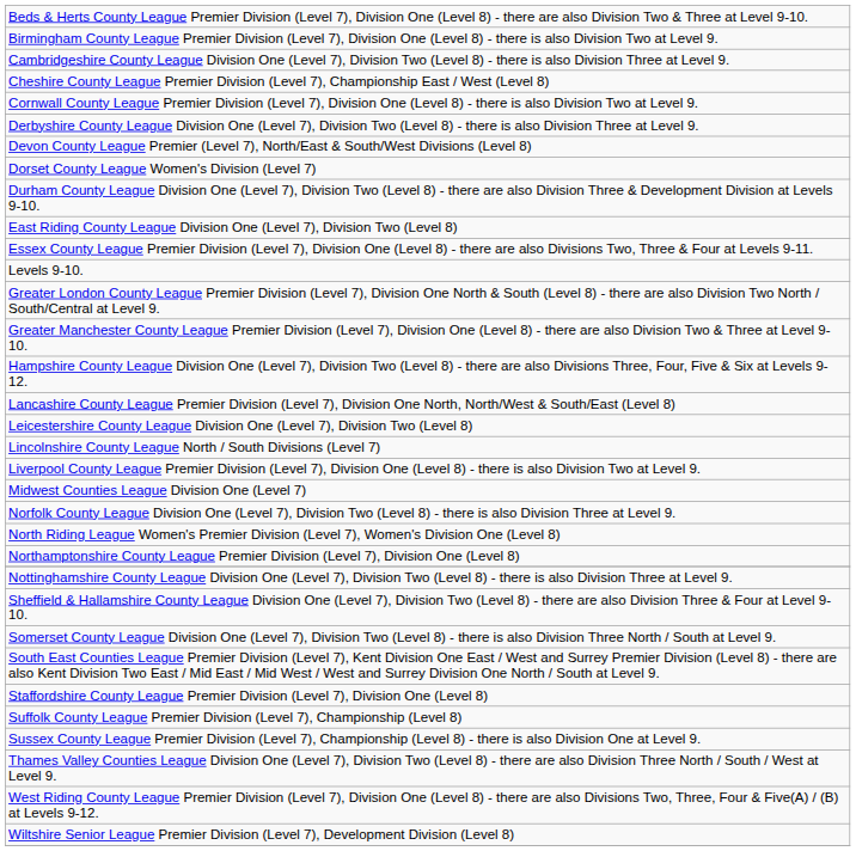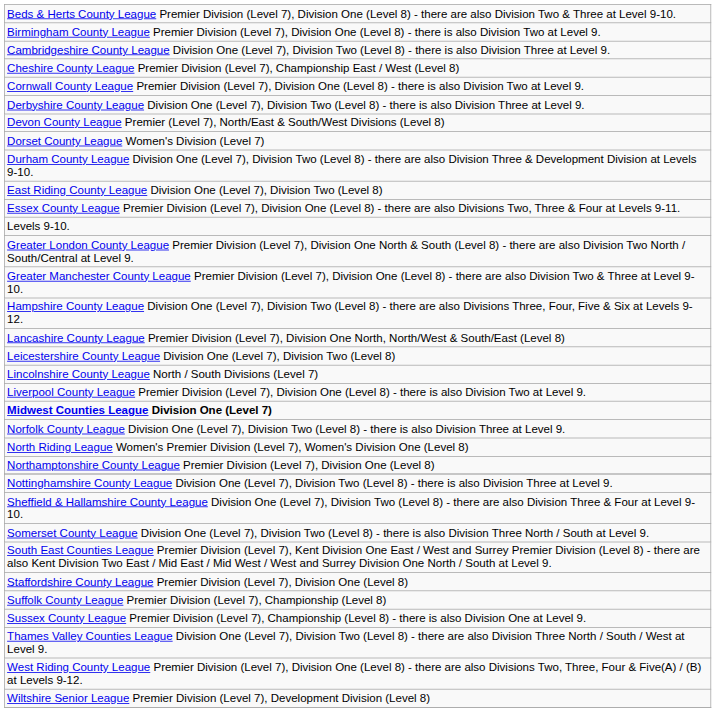 <table class="wikitable" width=100% style="font-size:90%">
 <tr>
 <td><a href='#'>Beds & Herts County League</a> Premier Division (Level 7), Division One (Level 8) - there are also Division Two & Three at Level 9-10.</td>
 </tr>
 <tr>
 <td><a href='#'>Birmingham County League</a> Premier Division (Level 7), Division One (Level 8) - there is also Division Two at Level 9.</td>
 </tr>
 <tr>
 <td><a href='#'>Cambridgeshire County League</a> Division One (Level 7), Division Two (Level 8) - there is also Division Three at Level 9.</td>
 </tr>
 <tr>
 <td><a href='#'>Cheshire County League</a> Premier Division (Level 7), Championship East / West (Level 8)</td>
 </tr>
 <tr>
 <td><a href='#'>Cornwall County League</a> Premier Division (Level 7), Division One (Level 8) - there is also Division Two at Level 9.</td>
 </tr>
 <tr>
 <td><a href='#'>Derbyshire County League</a> Division One (Level 7), Division Two (Level 8) - there is also Division Three at Level 9.</td>
 </tr>
 <tr>
 <td><a href='#'>Devon County League</a> Premier (Level 7), North/East & South/West Divisions (Level 8)</td>
 </tr>
 <tr>
 <td><a href='#'>Dorset County League</a> Women's Division (Level 7)</td>
 </tr>
 <tr>
 <td><a href='#'>Durham County League</a> Division One (Level 7), Division Two (Level 8) - there are also Division Three & Development Division at Levels 9-10.</td>
 </tr>
 <tr>
 <td><a href='#'>East Riding County League</a> Division One (Level 7), Division Two (Level 8)</td>
 </tr>
 <tr>
 <td><a href='#'>Essex County League</a> Premier Division (Level 7), Division One (Level 8) - there are also Divisions Two, Three & Four at Levels 9-11.</td>
 </tr>
 <tr>
 <td>Levels 9-10.</td>
 </tr>
 <tr>
 <td><a href='#'>Greater London County League</a> Premier Division (Level 7), Division One North & South (Level 8) - there are also Division Two North / South/Central at Level 9.</td>
 </tr>
 <tr>
 <td><a href='#'>Greater Manchester County League</a> Premier Division (Level 7), Division One (Level 8) - there are also Division Two & Three at Level 9-10.</td>
 </tr>
 <tr>
 <td><a href='#'>Hampshire County League</a> Division One (Level 7), Division Two (Level 8) - there are also Divisions Three, Four, Five & Six at Levels 9-12.</td>
 </tr>
 <tr>
 <td><a href='#'>Lancashire County League</a> Premier Division (Level 7), Division One North, North/West & South/East (Level 8)</td>
 </tr>
 <tr>
 <td><a href='#'>Leicestershire County League</a> Division One (Level 7), Division Two (Level 8)</td>
 </tr>
 <tr>
 <td><a href='#'>Lincolnshire County League</a> North / South Divisions (Level 7)</td>
 </tr>
 <tr>
 <td><a href='#'>Liverpool County League</a> Premier Division (Level 7), Division One (Level 8) - there is also Division Two at Level 9.</td>
 </tr>
 <tr>
-<td><a href='#'>Midwest Counties League</a> Division One (Level 7)</td>
+<td><strong><a href='#'>Midwest Counties League</a> Division One (Level 7)</strong></td>
 </tr>
 <tr>
 <td><a href='#'>Norfolk County League</a> Division One (Level 7), Division Two (Level 8) - there is also Division Three at Level 9.</td>
 </tr>
 <tr>
 <td><a href='#'>North Riding League</a> Women's Premier Division (Level 7), Women's Division One (Level 8)</td>
 </tr>
 <tr>
 <td><a href='#'>Northamptonshire County League</a> Premier Division (Level 7), Division One (Level 8)</td>
 </tr>
 <tr>
 </tr>
 <tr>
 </tr>
 <tr>
 <td><a href='#'>Nottinghamshire County League</a> Division One (Level 7), Division Two (Level 8) - there is also Division Three at Level 9.</td>
 </tr>
 <tr>
 <td><a href='#'>Sheffield & Hallamshire County League</a> Division One (Level 7), Division Two (Level 8) - there are also Division Three & Four at Level 9-10.</td>
 </tr>
 <tr>
 <td><a href='#'>Somerset County League</a> Division One (Level 7), Division Two (Level 8) - there is also Division Three North / South at Level 9.</td>
 </tr>
 <tr>
 <td><a href='#'>South East Counties League</a> Premier Division (Level 7), Kent Division One East / West and Surrey Premier Division (Level 8) - there are also Kent Division Two East / Mid East / Mid West / West and Surrey Division One North / South at Level 9.</td>
 </tr>
 <tr>
 <td><a href='#'>Staffordshire County League</a> Premier Division (Level 7), Division One (Level 8)</td>
 </tr>
 <tr>
 <td><a href='#'>Suffolk County League</a> Premier Division (Level 7), Championship (Level 8)</td>
 </tr>
 <tr>
 <td><a href='#'>Sussex County League</a> Premier Division (Level 7), Championship (Level 8) - there is also Division One at Level 9.</td>
 </tr>
 <tr>
 <td><a href='#'>Thames Valley Counties League</a> Division One (Level 7), Division Two (Level 8) - there are also Division Three North / South / West at Level 9.</td>
 </tr>
 <tr>
 <td><a href='#'>West Riding County League</a> Premier Division (Level 7), Division One (Level 8) - there are also Divisions Two, Three, Four & Five(A) / (B) at Levels 9-12.</td>
 </tr>
 <tr>
 <td><a href='#'>Wiltshire Senior League</a> Premier Division (Level 7), Development Division (Level 8)</td>
 </tr>
 <tr>
 </tr>
 </table>
